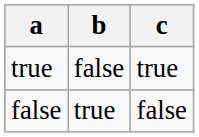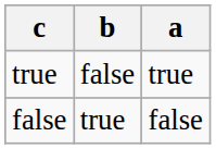 <table class="wikitable">
 <tr>
+<th>c</th>
+<th>b</th>
 <th>a</th>
-<th>b</th>
-<th>c</th>
 </tr>
 <tr>
 <td>true</td>
 <td>false</td>
 <td>true</td>
 </tr>
 <tr>
 <td>false</td>
 <td>true</td>
 <td>false</td>
 </tr>
 </table>
